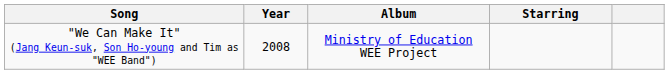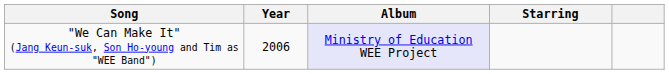 <table class="wikitable" style="text-align:center;">
 <tr>
 <th style="width:20em;">Song</th>
 <th style="width:5em;">Year</th>
 <th style="width:15em;">Album</th>
 <th style="width:10em;">Starring</th>
 <th style="width:4em;"></th>
 </tr>
 <tr>
 <td>"We Can Make It"<br><small>(<a href='#'>Jang Keun-suk</a>, <a href='#'>Son Ho-young</a> and Tim as "WEE Band")</small></td>
-<td>2008</td>
-<td><a href='#'>Ministry of Education</a> WEE Project</td>
+<td>2006</td>
+<td style="background: lavender;"><a href='#'>Ministry of Education</a> WEE Project</td>
 <td></td>
 <td></td>
 </tr>
 </table>
